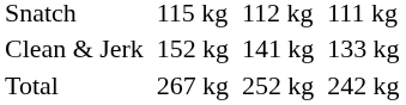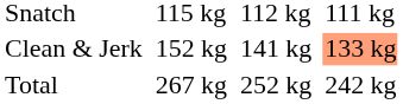 <table>
 <tr>
 <td>Snatch</td>
 <td></td>
 <td>115 kg</td>
 <td></td>
 <td>112 kg</td>
 <td></td>
 <td>111 kg</td>
 </tr>
 <tr>
 <td>Clean & Jerk</td>
 <td></td>
 <td>152 kg</td>
 <td></td>
 <td>141 kg</td>
 <td></td>
-<td>133 kg</td>
+<td style="background: lightsalmon;">133 kg</td>
 </tr>
 <tr>
 <td>Total</td>
 <td></td>
 <td>267 kg</td>
 <td></td>
 <td>252 kg</td>
 <td></td>
 <td>242 kg</td>
 </tr>
 </table>
